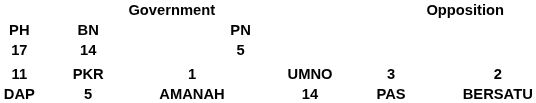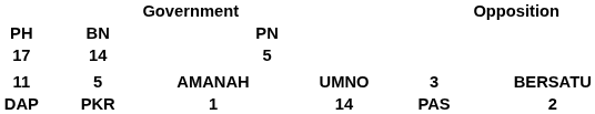 <table style="width:40em;">
 <tr style="text-align:center;">
 <td colspan="4" style="color:"><strong>Government</strong></td>
 <td colspan="2" style="color:"><strong>Opposition</strong></td>
 </tr>
 <tr style="text-align:center;">
 <td style="color:"><strong>PH</strong></td>
 <td colspan="1" style="color:"><strong>BN</strong></td>
 <td colspan="2" style="color:"><strong>PN</strong></td>
 </tr>
 <tr style="text-align:center;">
 <td style="background:"><strong>17</strong></td>
 <td colspan="1" style="background:"><strong>14</strong></td>
 <td colspan="2" style="background:"><strong>5</strong></td>
 </tr>
 <tr>
 </tr>
 <tr>
 </tr>
 <tr style="text-align:center;">
 <td style="background:"><strong>11</strong></td>
-<td style="color:"><strong>PKR</strong></td>
-<td style="background:"><strong>1</strong></td>
+<td style="background:"><strong>5</strong></td>
+<td style="color:"><strong>AMANAH</strong></td>
 <td style="color:"><strong>UMNO</strong></td>
 <td style="background:"><strong>3</strong></td>
-<td style="background:"><strong>2</strong></td>
+<td style="color:"><strong>BERSATU</strong></td>
 </tr>
 <tr style="text-align:center;">
 <td style="color:"><strong>DAP</strong></td>
-<td style="background:"><strong>5</strong></td>
-<td style="color:"><strong>AMANAH</strong></td>
+<td style="color:"><strong>PKR</strong></td>
+<td style="background:"><strong>1</strong></td>
 <td style="background:"><strong>14</strong></td>
 <td style="color:"><strong>PAS</strong></td>
-<td style="color:"><strong>BERSATU</strong></td>
+<td style="background:"><strong>2</strong></td>
 </tr>
 </table>
